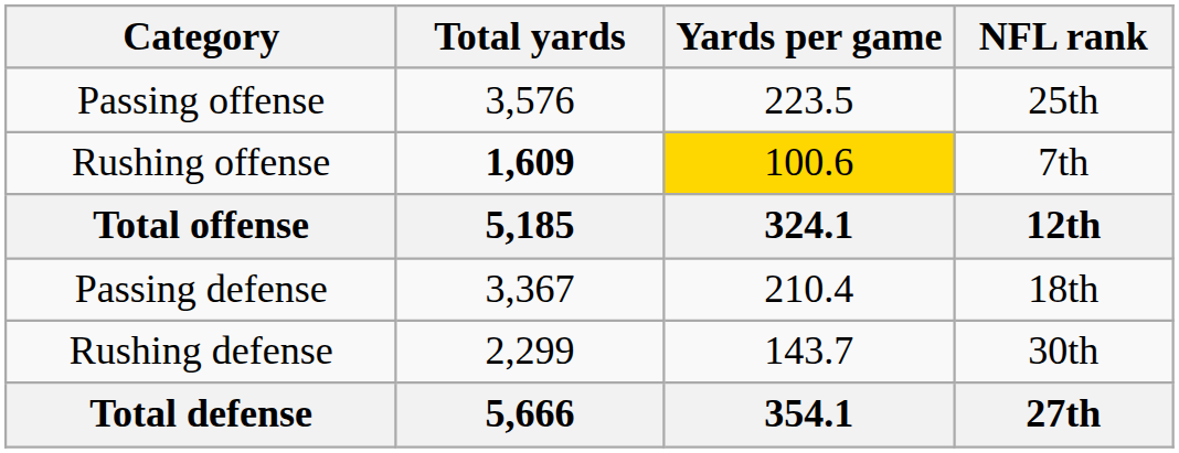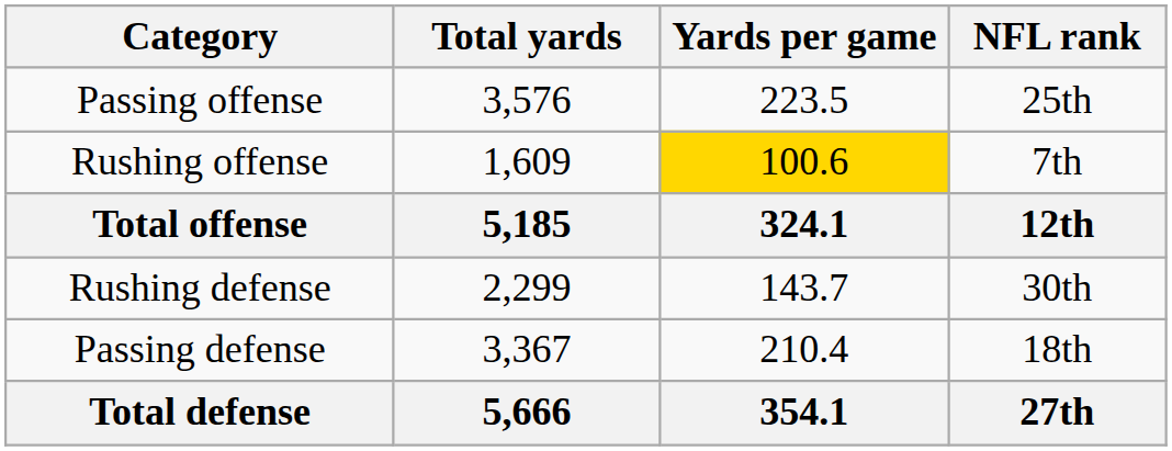 <table class="wikitable" style="text-align:center">
 <tr>
 <th width=150px>Category</th>
 <th width=100px>Total yards</th>
 <th width=110px>Yards per game</th>
 <th width=80px>NFL rank<br></th>
 </tr>
 <tr>
 <td>Passing offense</td>
 <td>3,576</td>
 <td>223.5</td>
 <td>25th</td>
 </tr>
 <tr>
 <td>Rushing offense</td>
-<td><strong>1,609</strong></td>
+<td>1,609</td>
 <td style="background: gold;">100.6</td>
 <td>7th</td>
 </tr>
 <tr>
 <th>Total offense</th>
 <th>5,185</th>
 <th>324.1</th>
 <th>12th</th>
 </tr>
 <tr>
+<td>Rushing defense</td>
+<td>2,299</td>
+<td>143.7</td>
+<td>30th</td>
+</tr>
+<tr>
 <td>Passing defense</td>
 <td>3,367</td>
 <td>210.4</td>
 <td>18th</td>
-</tr>
-<tr>
-<td>Rushing defense</td>
-<td>2,299</td>
-<td>143.7</td>
-<td>30th</td>
 </tr>
 <tr>
 <th>Total defense</th>
 <th>5,666</th>
 <th>354.1</th>
 <th>27th</th>
 </tr>
 </table>
